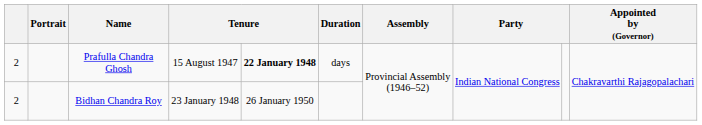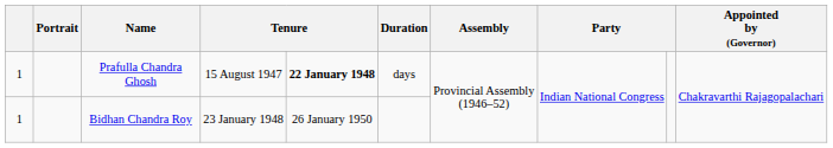 <table class="wikitable" style="text-align:center">
 <tr>
 <th scope="col" style="width: 30px;"></th>
 <th colspan="1" scope="col">Portrait</th>
 <th scope="col" style="width: 150px;">Name</th>
 <th colspan="2" scope="col">Tenure</th>
 <th scope="col">Duration</th>
 <th scope="col">Assembly<br></th>
 <th colspan="2">Party</th>
 <th>Appointed<br>by<br><small>(Governor)</small></th>
 </tr>
 <tr style="height: 60px;">
-<td>2</td>
+<td>1</td>
 <td></td>
 <td scope="row"><a href='#'>Prafulla Chandra Ghosh</a></td>
 <td>15 August 1947</td>
 <td><strong>22 January 1948</strong></td>
 <td> days</td>
 <td rowspan="2">Provincial Assembly<br>(1946–52)<br></td>
 <td rowspan="2"><a href='#'>Indian National Congress</a></td>
 <td rowspan="3" width="4px" style="background-color: "></td>
 <td rowspan="2"><a href='#'>Chakravarthi Rajagopalachari</a></td>
 </tr>
 <tr style="height: 60px;">
-<td>2</td>
+<td>1</td>
 <td></td>
 <td scope="row"><a href='#'>Bidhan Chandra Roy</a></td>
 <td>23 January 1948</td>
 <td>26 January 1950</td>
 <td></td>
 </tr>
 </table>
